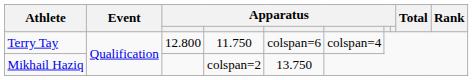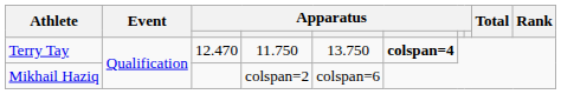 <table class="wikitable" style="font-size:90%">
 <tr>
 <th rowspan=2>Athlete</th>
 <th rowspan=2>Event</th>
 <th colspan=6>Apparatus</th>
 <th rowspan=2>Total</th>
 <th rowspan=2>Rank</th>
 </tr>
 <tr style="font-size:95%">
 <th></th>
 <th></th>
 <th></th>
 <th></th>
 <th></th>
 <th></th>
 </tr>
 <tr align=center>
 <td align=left><a href='#'>Terry Tay</a></td>
 <td align=left rowspan=2><a href='#'>Qualification</a></td>
-<td>12.800</td>
+<td>12.470</td>
 <td>11.750</td>
-<td>colspan=6 </td>
-<td>colspan=4 </td>
+<td>13.750</td>
+<td><strong>colspan=4 </strong></td>
 </tr>
 <tr align=center>
 <td align=left><a href='#'>Mikhail Haziq</a></td>
 <td></td>
 <td>colspan=2 </td>
-<td>13.750</td>
+<td>colspan=6 </td>
 </tr>
 </table>
